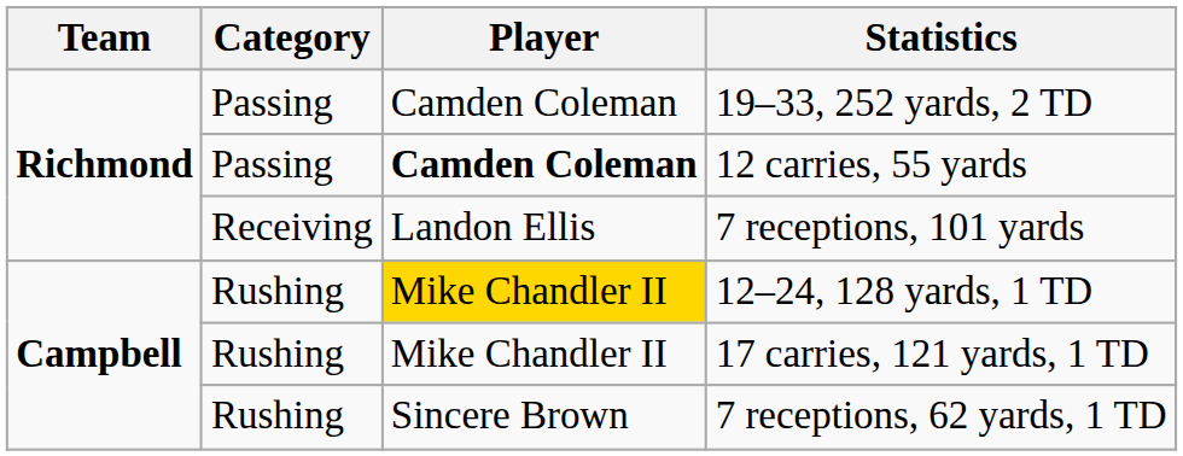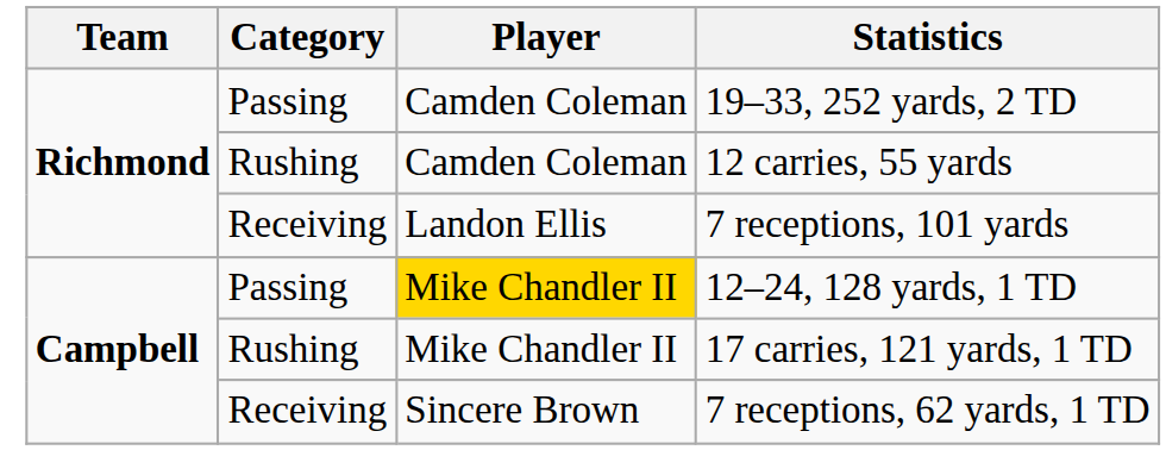 <table class="wikitable" style="float: right;">
 <tr>
 <th>Team</th>
 <th>Category</th>
 <th>Player</th>
 <th>Statistics</th>
 </tr>
 <tr>
 <td rowspan=3><strong>Richmond</strong></td>
 <td>Passing</td>
 <td>Camden Coleman</td>
 <td>19–33, 252 yards, 2 TD</td>
 </tr>
 <tr>
-<td>Passing</td>
-<td><strong>Camden Coleman</strong></td>
+<td>Rushing</td>
+<td>Camden Coleman</td>
 <td>12 carries, 55 yards</td>
 </tr>
 <tr>
 <td>Receiving</td>
 <td>Landon Ellis</td>
 <td>7 receptions, 101 yards</td>
 </tr>
 <tr>
 <td rowspan=3><strong>Campbell</strong></td>
-<td>Rushing</td>
+<td>Passing</td>
 <td style="background: gold;">Mike Chandler II</td>
 <td>12–24, 128 yards, 1 TD</td>
 </tr>
 <tr>
 <td>Rushing</td>
 <td>Mike Chandler II</td>
 <td>17 carries, 121 yards, 1 TD</td>
 </tr>
 <tr>
-<td>Rushing</td>
+<td>Receiving</td>
 <td>Sincere Brown</td>
 <td>7 receptions, 62 yards, 1 TD</td>
 </tr>
 </table>
